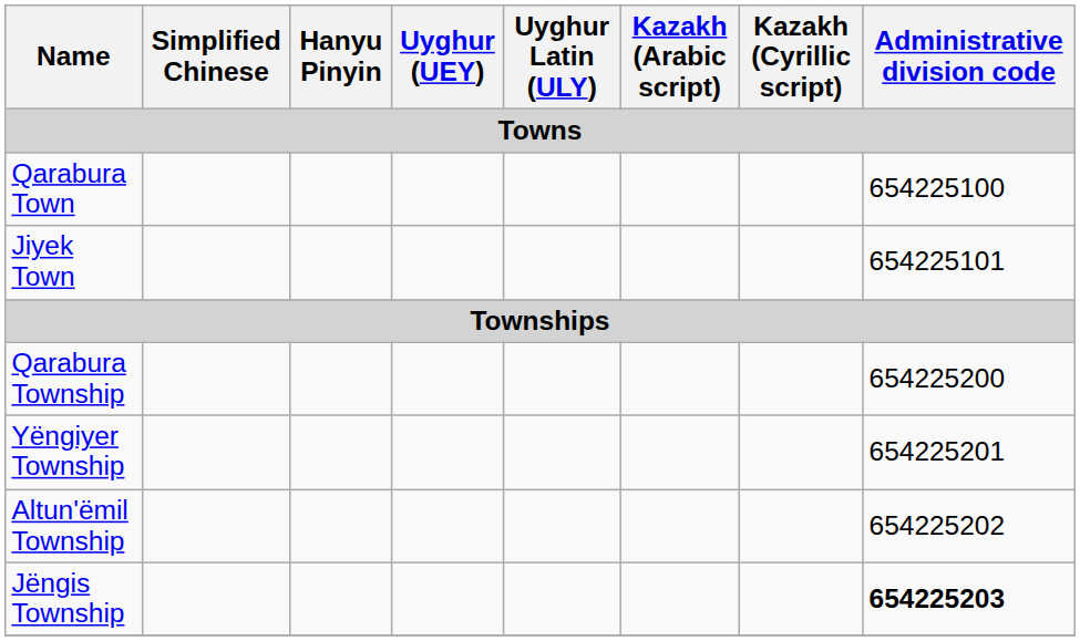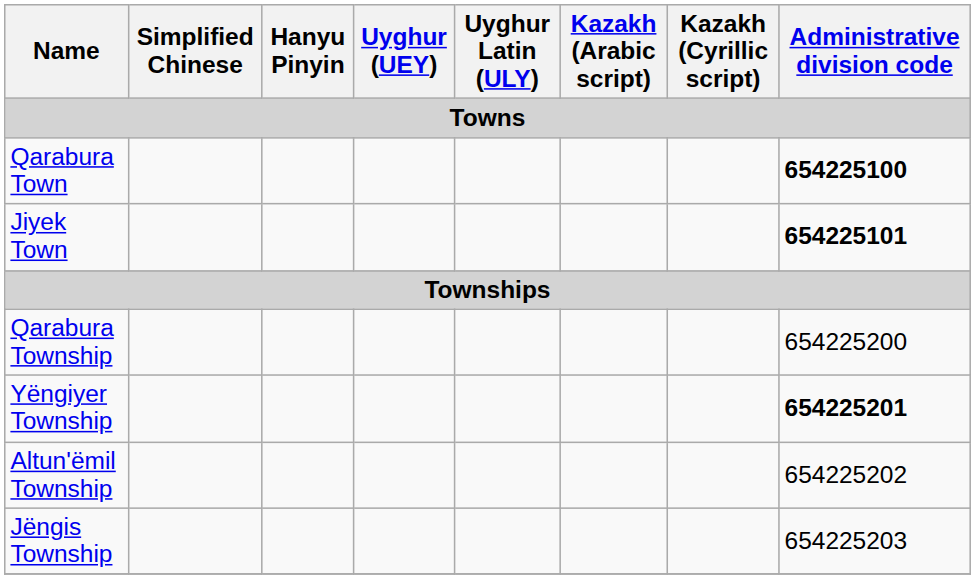 <table class="wikitable" align="center" style="width:50%; border="1">
 <tr>
 <th>Name</th>
 <th>Simplified Chinese</th>
 <th>Hanyu Pinyin</th>
 <th><a href='#'>Uyghur</a> (<a href='#'>UEY</a>)</th>
 <th>Uyghur Latin (<a href='#'>ULY</a>)</th>
 <th><a href='#'>Kazakh</a> (Arabic script)</th>
 <th>Kazakh (Cyrillic script)</th>
 <th><a href='#'>Administrative division code</a></th>
 </tr>
 <tr>
 <td colspan="9"  style="text-align:center; background:#d3d3d3;"><strong>Towns</strong></td>
 </tr>
 <tr --------->
 <td><a href='#'>Qarabura Town</a></td>
 <td></td>
 <td></td>
 <td></td>
 <td></td>
 <td></td>
 <td></td>
-<td>654225100</td>
+<td><strong>654225100</strong></td>
 </tr>
 <tr>
 <td><a href='#'>Jiyek Town</a></td>
 <td></td>
 <td></td>
 <td></td>
 <td></td>
 <td></td>
 <td></td>
-<td>654225101</td>
+<td><strong>654225101</strong></td>
 </tr>
 <tr>
 <td colspan="9"  style="text-align:center; background:#d3d3d3;"><strong>Townships</strong></td>
 </tr>
 <tr --------->
 <td><a href='#'>Qarabura Township</a></td>
 <td></td>
 <td></td>
 <td></td>
 <td></td>
 <td></td>
 <td></td>
 <td>654225200</td>
 </tr>
 <tr>
 <td><a href='#'>Yëngiyer Township</a></td>
 <td></td>
 <td></td>
 <td></td>
 <td></td>
 <td></td>
 <td></td>
-<td>654225201</td>
+<td><strong>654225201</strong></td>
 </tr>
 <tr>
 <td><a href='#'>Altun'ëmil Township</a></td>
 <td></td>
 <td></td>
 <td></td>
 <td></td>
 <td></td>
 <td></td>
 <td>654225202</td>
 </tr>
 <tr>
 <td><a href='#'>Jëngis Township</a></td>
 <td></td>
 <td></td>
 <td></td>
 <td></td>
 <td></td>
 <td></td>
-<td><strong>654225203</strong></td>
+<td>654225203</td>
 </tr>
 <tr>
 </tr>
 </table>
